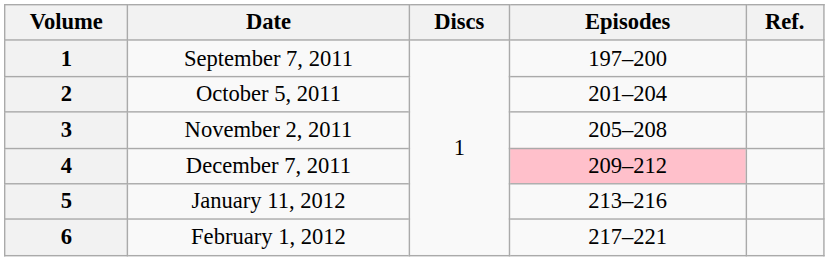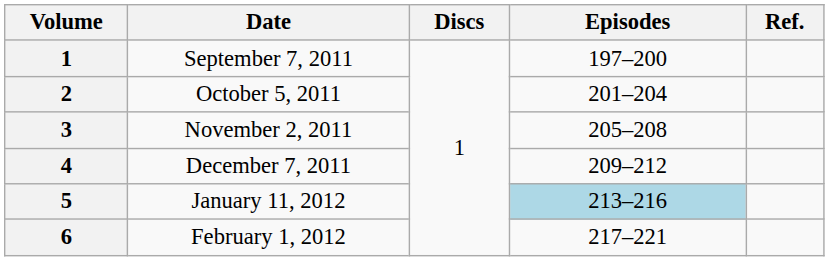 <table class="wikitable" style="text-align:center;">
 <tr>
 <th scope="col" style="width:5em;">Volume</th>
 <th scope="col" style="width:12em;">Date</th>
 <th scope="col" style="width:4em;">Discs</th>
 <th scope="col" style="width:10em;">Episodes</th>
 <th scope="col" style="width:3em;">Ref.</th>
 </tr>
 <tr>
 <th scope="row">1</th>
 <td>September 7, 2011</td>
 <td rowspan="6">1</td>
 <td>197–200</td>
 <td></td>
 </tr>
 <tr>
 <th scope="row">2</th>
 <td>October 5, 2011</td>
 <td>201–204</td>
 <td></td>
 </tr>
 <tr>
 <th scope="row">3</th>
 <td>November 2, 2011</td>
 <td>205–208</td>
 <td></td>
 </tr>
 <tr>
 <th scope="row">4</th>
 <td>December 7, 2011</td>
-<td style="background: pink;">209–212</td>
+<td>209–212</td>
 <td></td>
 </tr>
 <tr>
 <th scope="row">5</th>
 <td>January 11, 2012</td>
-<td>213–216</td>
+<td style="background: lightblue;">213–216</td>
 <td></td>
 </tr>
 <tr>
 <th scope="row">6</th>
 <td>February 1, 2012</td>
 <td>217–221</td>
 <td></td>
 </tr>
 </table>
